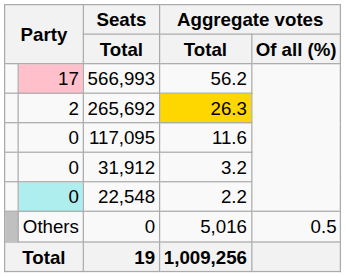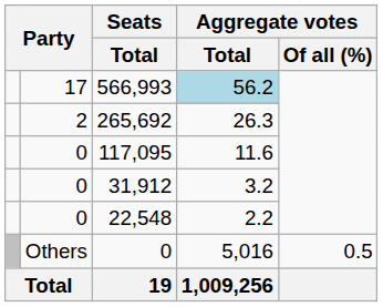 <table class="wikitable" style="text-align:right; font-size:95%;">
 <tr>
 <th colspan="2" rowspan="2">Party</th>
 <th>Seats</th>
 <th colspan="2">Aggregate votes</th>
 </tr>
 <tr>
 <th>Total</th>
 <th>Total</th>
 <th>Of all (%)</th>
 </tr>
 <tr>
 <td></td>
-<td style="background: pink;">17</td>
+<td>17</td>
 <td>566,993</td>
-<td>56.2</td>
+<td style="background: lightblue;">56.2</td>
 </tr>
 <tr>
 <td></td>
 <td>2</td>
 <td>265,692</td>
-<td style="background: gold;">26.3</td>
+<td>26.3</td>
 </tr>
 <tr>
 <td></td>
 <td>0</td>
 <td>117,095</td>
 <td>11.6</td>
 </tr>
 <tr>
 <td></td>
 <td>0</td>
 <td>31,912</td>
 <td>3.2</td>
 </tr>
 <tr>
 <td></td>
-<td style="background: paleturquoise;">0</td>
+<td>0</td>
 <td>22,548</td>
 <td>2.2</td>
 </tr>
 <tr>
 <td style="background:silver;"> </td>
 <td align=left>Others</td>
 <td>0</td>
 <td>5,016</td>
 <td>0.5</td>
 </tr>
 <tr>
 <th colspan="2" style="background:#f2f2f2"><strong>Total</strong></th>
 <td style="background:#f2f2f2;"><strong>19</strong></td>
 <td style="background:#f2f2f2;"><strong>1,009,256</strong></td>
 <td style="background:#f2f2f2;"></td>
 </tr>
 </table>
